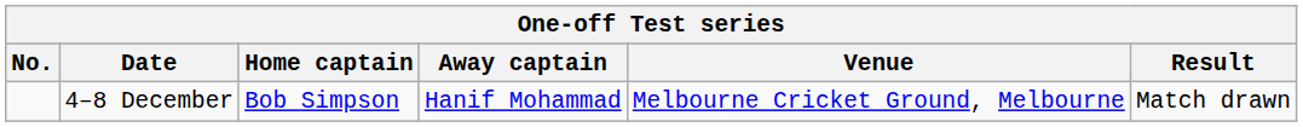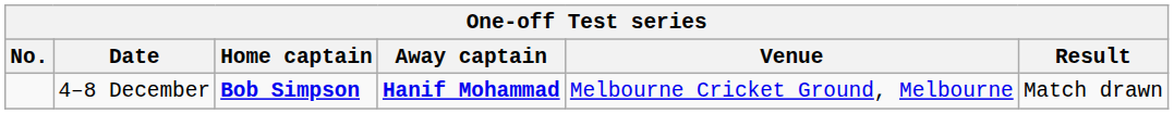 <table class="wikitable">
 <tr>
 <th colspan="9">One-off Test series</th>
 </tr>
 <tr>
 <th>No.</th>
 <th>Date</th>
 <th>Home captain</th>
 <th>Away captain</th>
 <th>Venue</th>
 <th>Result</th>
 </tr>
 <tr>
 <td></td>
 <td>4–8 December</td>
-<td><a href='#'>Bob Simpson</a></td>
-<td><a href='#'>Hanif Mohammad</a></td>
+<td><strong><a href='#'>Bob Simpson</a></strong></td>
+<td><strong><a href='#'>Hanif Mohammad</a></strong></td>
 <td><a href='#'>Melbourne Cricket Ground</a>, <a href='#'>Melbourne</a></td>
 <td>Match drawn</td>
 </tr>
 </table>
